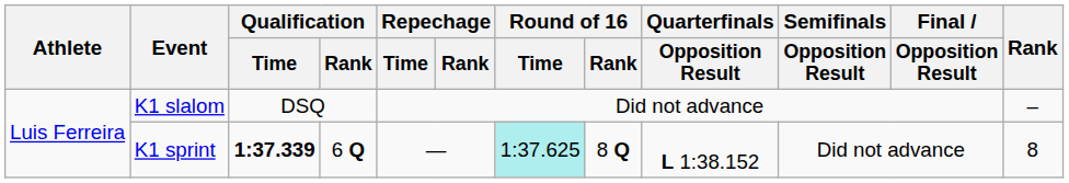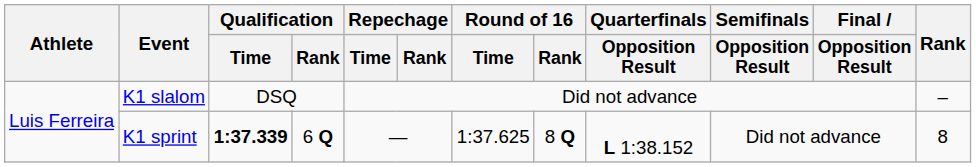 <table class="wikitable" style="font-size:90%; text-align:center;">
 <tr>
 <th rowspan=2>Athlete</th>
 <th rowspan=2>Event</th>
 <th colspan=2>Qualification</th>
 <th colspan=2>Repechage</th>
 <th colspan=2>Round of 16</th>
 <th>Quarterfinals</th>
 <th>Semifinals</th>
 <th>Final / </th>
 <th rowspan=2>Rank</th>
 </tr>
 <tr style="font-size:95%">
 <th>Time</th>
 <th>Rank</th>
 <th>Time</th>
 <th>Rank</th>
 <th>Time</th>
 <th>Rank</th>
 <th>Opposition <br>Result</th>
 <th>Opposition <br>Result</th>
 <th>Opposition <br>Result</th>
 </tr>
 <tr>
 <td rowspan=2 align=left><a href='#'>Luis Ferreira</a></td>
 <td align=left><a href='#'>K1 slalom</a></td>
 <td colspan=2>DSQ</td>
 <td colspan=7>Did not advance</td>
 <td>–</td>
 </tr>
 <tr>
 <td align=left><a href='#'>K1 sprint</a></td>
 <td><strong>1:37.339</strong></td>
 <td>6 <strong>Q</strong></td>
 <td colspan=2>—</td>
-<td style="background: paleturquoise;">1:37.625</td>
+<td>1:37.625</td>
 <td>8 <strong>Q</strong></td>
 <td><br><strong>L</strong> 1:38.152</td>
 <td colspan=2>Did not advance</td>
 <td>8</td>
 </tr>
 </table>
